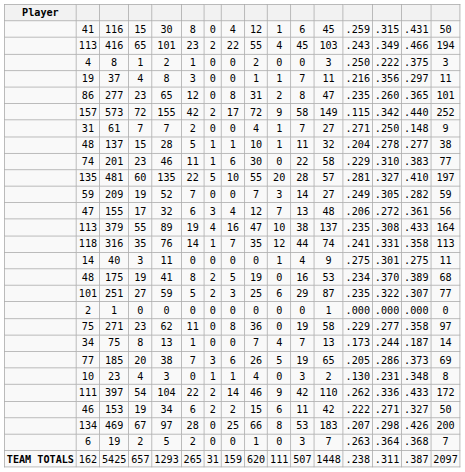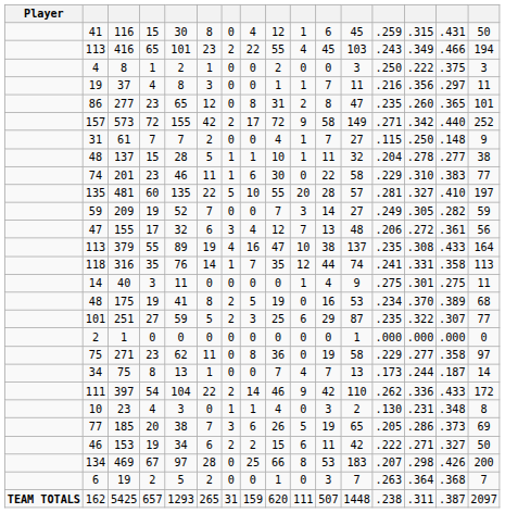 <table class="wikitable sortable" style="text-align:center;">
 <tr>
 <th>Player</th>
 <th></th>
 <th></th>
 <th></th>
 <th></th>
 <th></th>
 <th></th>
 <th></th>
 <th></th>
 <th></th>
 <th></th>
 <th></th>
 <th></th>
 <th></th>
 <th></th>
 <th></th>
 </tr>
 <tr>
 <td align=left></td>
 <td>41</td>
 <td>116</td>
 <td>15</td>
 <td>30</td>
 <td>8</td>
 <td>0</td>
 <td>4</td>
 <td>12</td>
 <td>1</td>
 <td>6</td>
 <td>45</td>
 <td>.259</td>
 <td>.315</td>
 <td>.431</td>
 <td>50</td>
 </tr>
 <tr>
 <td align=left></td>
 <td>113</td>
 <td>416</td>
 <td>65</td>
 <td>101</td>
 <td>23</td>
 <td>2</td>
 <td>22</td>
 <td>55</td>
 <td>4</td>
 <td>45</td>
 <td>103</td>
 <td>.243</td>
 <td>.349</td>
 <td>.466</td>
 <td>194</td>
 </tr>
 <tr>
 <td align=left></td>
 <td>4</td>
 <td>8</td>
 <td>1</td>
 <td>2</td>
 <td>1</td>
 <td>0</td>
 <td>0</td>
 <td>2</td>
 <td>0</td>
 <td>0</td>
 <td>3</td>
 <td>.250</td>
 <td>.222</td>
 <td>.375</td>
 <td>3</td>
 </tr>
 <tr>
 <td align=left></td>
 <td>19</td>
 <td>37</td>
 <td>4</td>
 <td>8</td>
 <td>3</td>
 <td>0</td>
 <td>0</td>
 <td>1</td>
 <td>1</td>
 <td>7</td>
 <td>11</td>
 <td>.216</td>
 <td>.356</td>
 <td>.297</td>
 <td>11</td>
 </tr>
 <tr>
 <td align=left></td>
 <td>86</td>
 <td>277</td>
 <td>23</td>
 <td>65</td>
 <td>12</td>
 <td>0</td>
 <td>8</td>
 <td>31</td>
 <td>2</td>
 <td>8</td>
 <td>47</td>
 <td>.235</td>
 <td>.260</td>
 <td>.365</td>
 <td>101</td>
 </tr>
 <tr>
 <td align=left></td>
 <td>157</td>
 <td>573</td>
 <td>72</td>
 <td>155</td>
 <td>42</td>
 <td>2</td>
 <td>17</td>
 <td>72</td>
 <td>9</td>
 <td>58</td>
 <td>149</td>
-<td>.115</td>
+<td>.271</td>
 <td>.342</td>
 <td>.440</td>
 <td>252</td>
 </tr>
 <tr>
 <td align=left></td>
 <td>31</td>
 <td>61</td>
 <td>7</td>
 <td>7</td>
 <td>2</td>
 <td>0</td>
 <td>0</td>
 <td>4</td>
 <td>1</td>
 <td>7</td>
 <td>27</td>
-<td>.271</td>
+<td>.115</td>
 <td>.250</td>
 <td>.148</td>
 <td>9</td>
 </tr>
 <tr>
 <td align=left></td>
 <td>48</td>
 <td>137</td>
 <td>15</td>
 <td>28</td>
 <td>5</td>
 <td>1</td>
 <td>1</td>
 <td>10</td>
 <td>1</td>
 <td>11</td>
 <td>32</td>
 <td>.204</td>
 <td>.278</td>
 <td>.277</td>
 <td>38</td>
 </tr>
 <tr>
 <td align=left></td>
 <td>74</td>
 <td>201</td>
 <td>23</td>
 <td>46</td>
 <td>11</td>
 <td>1</td>
 <td>6</td>
 <td>30</td>
 <td>0</td>
 <td>22</td>
 <td>58</td>
 <td>.229</td>
 <td>.310</td>
 <td>.383</td>
 <td>77</td>
 </tr>
 <tr>
 <td align=left></td>
 <td>135</td>
 <td>481</td>
 <td>60</td>
 <td>135</td>
 <td>22</td>
 <td>5</td>
 <td>10</td>
 <td>55</td>
 <td>20</td>
 <td>28</td>
 <td>57</td>
 <td>.281</td>
 <td>.327</td>
 <td>.410</td>
 <td>197</td>
 </tr>
 <tr>
 <td align=left></td>
 <td>59</td>
 <td>209</td>
 <td>19</td>
 <td>52</td>
 <td>7</td>
 <td>0</td>
 <td>0</td>
 <td>7</td>
 <td>3</td>
 <td>14</td>
 <td>27</td>
 <td>.249</td>
 <td>.305</td>
 <td>.282</td>
 <td>59</td>
 </tr>
 <tr>
 <td align=left></td>
 <td>47</td>
 <td>155</td>
 <td>17</td>
 <td>32</td>
 <td>6</td>
 <td>3</td>
 <td>4</td>
 <td>12</td>
 <td>7</td>
 <td>13</td>
 <td>48</td>
 <td>.206</td>
 <td>.272</td>
 <td>.361</td>
 <td>56</td>
 </tr>
 <tr>
 <td align=left></td>
 <td>113</td>
 <td>379</td>
 <td>55</td>
 <td>89</td>
 <td>19</td>
 <td>4</td>
 <td>16</td>
 <td>47</td>
 <td>10</td>
 <td>38</td>
 <td>137</td>
 <td>.235</td>
 <td>.308</td>
 <td>.433</td>
 <td>164</td>
 </tr>
 <tr>
 <td align=left></td>
 <td>118</td>
 <td>316</td>
 <td>35</td>
 <td>76</td>
 <td>14</td>
 <td>1</td>
 <td>7</td>
 <td>35</td>
 <td>12</td>
 <td>44</td>
 <td>74</td>
 <td>.241</td>
 <td>.331</td>
 <td>.358</td>
 <td>113</td>
 </tr>
 <tr>
 <td align=left></td>
 <td>14</td>
 <td>40</td>
 <td>3</td>
 <td>11</td>
 <td>0</td>
 <td>0</td>
 <td>0</td>
 <td>0</td>
 <td>1</td>
 <td>4</td>
 <td>9</td>
 <td>.275</td>
 <td>.301</td>
 <td>.275</td>
 <td>11</td>
 </tr>
 <tr>
 <td align=left></td>
 <td>48</td>
 <td>175</td>
 <td>19</td>
 <td>41</td>
 <td>8</td>
 <td>2</td>
 <td>5</td>
 <td>19</td>
 <td>0</td>
 <td>16</td>
 <td>53</td>
 <td>.234</td>
 <td>.370</td>
 <td>.389</td>
 <td>68</td>
 </tr>
 <tr>
 <td align=left></td>
 <td>101</td>
 <td>251</td>
 <td>27</td>
 <td>59</td>
 <td>5</td>
 <td>2</td>
 <td>3</td>
 <td>25</td>
 <td>6</td>
 <td>29</td>
 <td>87</td>
 <td>.235</td>
 <td>.322</td>
 <td>.307</td>
 <td>77</td>
 </tr>
 <tr>
 <td align=left></td>
 <td>2</td>
 <td>1</td>
 <td>0</td>
 <td>0</td>
 <td>0</td>
 <td>0</td>
 <td>0</td>
 <td>0</td>
 <td>0</td>
 <td>0</td>
 <td>1</td>
 <td>.000</td>
 <td>.000</td>
 <td>.000</td>
 <td>0</td>
 </tr>
 <tr>
 <td align=left></td>
 <td>75</td>
 <td>271</td>
 <td>23</td>
 <td>62</td>
 <td>11</td>
 <td>0</td>
 <td>8</td>
 <td>36</td>
 <td>0</td>
 <td>19</td>
 <td>58</td>
 <td>.229</td>
 <td>.277</td>
 <td>.358</td>
 <td>97</td>
 </tr>
 <tr>
 <td align=left></td>
 <td>34</td>
 <td>75</td>
 <td>8</td>
 <td>13</td>
 <td>1</td>
 <td>0</td>
 <td>0</td>
 <td>7</td>
 <td>4</td>
 <td>7</td>
 <td>13</td>
 <td>.173</td>
 <td>.244</td>
 <td>.187</td>
 <td>14</td>
 </tr>
 <tr>
 <td align=left></td>
-<td>77</td>
-<td>185</td>
-<td>20</td>
-<td>38</td>
-<td>7</td>
-<td>3</td>
-<td>6</td>
-<td>26</td>
-<td>5</td>
-<td>19</td>
-<td>65</td>
-<td>.205</td>
-<td>.286</td>
-<td>.373</td>
-<td>69</td>
+<td>111</td>
+<td>397</td>
+<td>54</td>
+<td>104</td>
+<td>22</td>
+<td>2</td>
+<td>14</td>
+<td>46</td>
+<td>9</td>
+<td>42</td>
+<td>110</td>
+<td>.262</td>
+<td>.336</td>
+<td>.433</td>
+<td>172</td>
 </tr>
 <tr>
 <td align=left></td>
 <td>10</td>
 <td>23</td>
 <td>4</td>
 <td>3</td>
 <td>0</td>
 <td>1</td>
 <td>1</td>
 <td>4</td>
 <td>0</td>
 <td>3</td>
 <td>2</td>
 <td>.130</td>
 <td>.231</td>
 <td>.348</td>
 <td>8</td>
 </tr>
 <tr>
 <td align=left></td>
-<td>111</td>
-<td>397</td>
-<td>54</td>
-<td>104</td>
-<td>22</td>
-<td>2</td>
-<td>14</td>
-<td>46</td>
-<td>9</td>
-<td>42</td>
-<td>110</td>
-<td>.262</td>
-<td>.336</td>
-<td>.433</td>
-<td>172</td>
+<td>77</td>
+<td>185</td>
+<td>20</td>
+<td>38</td>
+<td>7</td>
+<td>3</td>
+<td>6</td>
+<td>26</td>
+<td>5</td>
+<td>19</td>
+<td>65</td>
+<td>.205</td>
+<td>.286</td>
+<td>.373</td>
+<td>69</td>
 </tr>
 <tr>
 <td align=left></td>
 <td>46</td>
 <td>153</td>
 <td>19</td>
 <td>34</td>
 <td>6</td>
 <td>2</td>
 <td>2</td>
 <td>15</td>
 <td>6</td>
 <td>11</td>
 <td>42</td>
 <td>.222</td>
 <td>.271</td>
 <td>.327</td>
 <td>50</td>
 </tr>
 <tr>
 <td align=left></td>
 <td>134</td>
 <td>469</td>
 <td>67</td>
 <td>97</td>
 <td>28</td>
 <td>0</td>
 <td>25</td>
 <td>66</td>
 <td>8</td>
 <td>53</td>
 <td>183</td>
 <td>.207</td>
 <td>.298</td>
 <td>.426</td>
 <td>200</td>
 </tr>
 <tr>
 <td align=left></td>
 <td>6</td>
 <td>19</td>
 <td>2</td>
 <td>5</td>
 <td>2</td>
 <td>0</td>
 <td>0</td>
 <td>1</td>
 <td>0</td>
 <td>3</td>
 <td>7</td>
 <td>.263</td>
 <td>.364</td>
 <td>.368</td>
 <td>7</td>
 </tr>
 <tr class="sortbottom">
 <td align="left"><strong>TEAM TOTALS</strong></td>
 <td>162</td>
 <td>5425</td>
 <td>657</td>
 <td>1293</td>
 <td>265</td>
 <td>31</td>
 <td>159</td>
 <td>620</td>
 <td>111</td>
 <td>507</td>
 <td>1448</td>
 <td>.238</td>
 <td>.311</td>
 <td>.387</td>
 <td>2097</td>
 </tr>
 </table>
